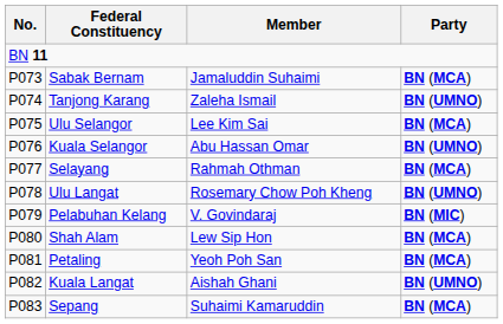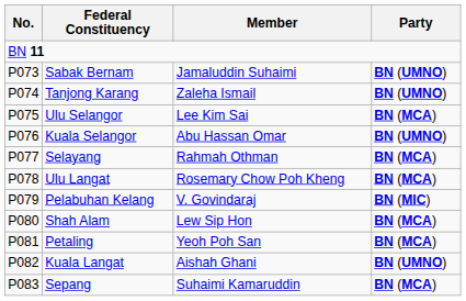 <table class="wikitable sortable">
 <tr>
 <th style="width:30px;">No.</th>
 <th style="width:150px;">Federal Constituency</th>
 <th style="width:230px;">Member</th>
 <th style="width:100px;">Party</th>
 </tr>
 <tr>
 <td colspan="4"><a href='#'>BN</a> <strong>11</strong></td>
 </tr>
 <tr>
 <td>P073</td>
 <td><a href='#'>Sabak Bernam</a></td>
 <td><a href='#'>Jamaluddin Suhaimi</a></td>
-<td><strong><a href='#'>BN</a></strong> (<strong><a href='#'>MCA</a></strong>)</td>
+<td><strong><a href='#'>BN</a></strong> (<strong><a href='#'>UMNO</a></strong>)</td>
 </tr>
 <tr>
 <td>P074</td>
 <td><a href='#'>Tanjong Karang</a></td>
 <td><a href='#'>Zaleha Ismail</a></td>
 <td><strong><a href='#'>BN</a></strong> (<strong><a href='#'>UMNO</a></strong>)</td>
 </tr>
 <tr>
 <td>P075</td>
 <td><a href='#'>Ulu Selangor</a></td>
 <td><a href='#'>Lee Kim Sai</a></td>
 <td><strong><a href='#'>BN</a></strong> (<strong><a href='#'>MCA</a></strong>)</td>
 </tr>
 <tr>
 <td>P076</td>
 <td><a href='#'>Kuala Selangor</a></td>
 <td><a href='#'>Abu Hassan Omar</a></td>
 <td><strong><a href='#'>BN</a></strong> (<strong><a href='#'>UMNO</a></strong>)</td>
 </tr>
 <tr>
 <td>P077</td>
 <td><a href='#'>Selayang</a></td>
 <td><a href='#'>Rahmah Othman</a></td>
 <td><strong><a href='#'>BN</a></strong> (<strong><a href='#'>MCA</a></strong>)</td>
 </tr>
 <tr>
 <td>P078</td>
 <td><a href='#'>Ulu Langat</a></td>
 <td><a href='#'>Rosemary Chow Poh Kheng</a></td>
-<td><strong><a href='#'>BN</a></strong> (<strong><a href='#'>UMNO</a></strong>)</td>
+<td><strong><a href='#'>BN</a></strong> (<strong><a href='#'>MCA</a></strong>)</td>
 </tr>
 <tr>
 <td>P079</td>
 <td><a href='#'>Pelabuhan Kelang</a></td>
 <td><a href='#'>V. Govindaraj</a></td>
 <td><strong><a href='#'>BN</a></strong> (<strong><a href='#'>MIC</a></strong>)</td>
 </tr>
 <tr>
 <td>P080</td>
 <td><a href='#'>Shah Alam</a></td>
 <td><a href='#'>Lew Sip Hon</a></td>
 <td><strong><a href='#'>BN</a></strong> (<strong><a href='#'>MCA</a></strong>)</td>
 </tr>
 <tr>
 <td>P081</td>
 <td><a href='#'>Petaling</a></td>
 <td><a href='#'>Yeoh Poh San</a></td>
 <td><strong><a href='#'>BN</a></strong> (<strong><a href='#'>MCA</a></strong>)</td>
 </tr>
 <tr>
 <td>P082</td>
 <td><a href='#'>Kuala Langat</a></td>
 <td><a href='#'>Aishah Ghani</a></td>
 <td><strong><a href='#'>BN</a></strong> (<strong><a href='#'>UMNO</a></strong>)</td>
 </tr>
 <tr>
 <td>P083</td>
 <td><a href='#'>Sepang</a></td>
 <td><a href='#'>Suhaimi Kamaruddin</a></td>
 <td><strong><a href='#'>BN</a></strong> (<strong><a href='#'>MCA</a></strong>)</td>
 </tr>
 </table>
